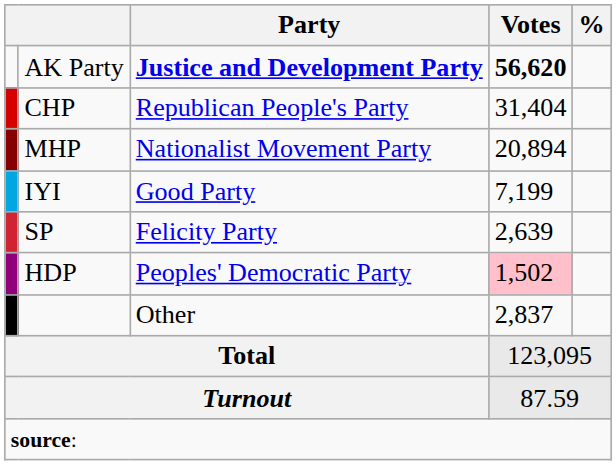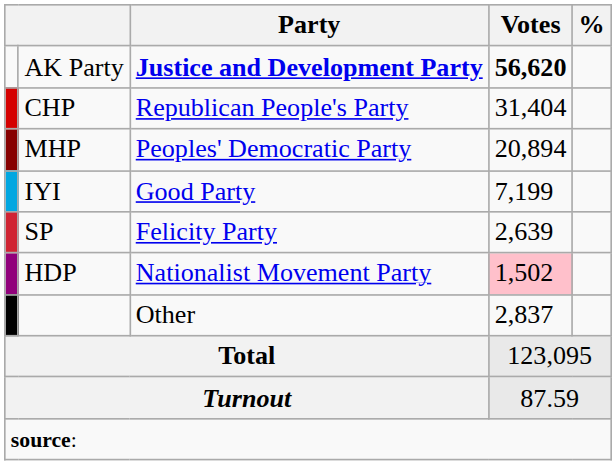 <table class="wikitable">
 <tr>
 <th colspan="2" align="center"></th>
 <th align="center">Party</th>
 <th align="center">Votes</th>
 <th align="center">%</th>
 </tr>
 <tr align="left">
 <td></td>
 <td>AK Party</td>
 <td><strong><a href='#'>Justice and Development Party</a></strong></td>
 <td><strong>56,620</strong></td>
 <td><strong></strong></td>
 </tr>
 <tr align="left">
 <td bgcolor="#d50000" width="1"></td>
 <td>CHP</td>
 <td><a href='#'>Republican People's Party</a></td>
 <td>31,404</td>
 <td></td>
 </tr>
 <tr align="left">
 <td bgcolor="#870000" width="1"></td>
 <td>MHP</td>
-<td><a href='#'>Nationalist Movement Party</a></td>
+<td><a href='#'>Peoples' Democratic Party</a></td>
 <td>20,894</td>
 <td></td>
 </tr>
 <tr align="left">
 <td bgcolor="#01A7E1" width="1"></td>
 <td>IYI</td>
 <td><a href='#'>Good Party</a></td>
 <td>7,199</td>
 <td></td>
 </tr>
 <tr align="left">
 <td bgcolor="#D02433" width="1"></td>
 <td>SP</td>
 <td><a href='#'>Felicity Party</a></td>
 <td>2,639</td>
 <td></td>
 </tr>
 <tr align="left">
 <td bgcolor="#91007B" width="1"></td>
 <td>HDP</td>
-<td><a href='#'>Peoples' Democratic Party</a></td>
+<td><a href='#'>Nationalist Movement Party</a></td>
 <td style="background: pink;">1,502</td>
 <td></td>
 </tr>
 <tr align="left">
 <td bgcolor=" " width="1"></td>
 <td></td>
 <td>Other</td>
 <td>2,837</td>
 <td></td>
 </tr>
 <tr align="left" style="background-color:#E9E9E9">
 <th colspan="3" align="center"><strong>Total</strong></th>
 <td colspan="5" align="center">123,095</td>
 </tr>
 <tr align="left" style="background-color:#E9E9E9">
 <th colspan="3" align="center"><em>Turnout</em></th>
 <td colspan="5" align="center">87.59</td>
 </tr>
 <tr>
 <td colspan="9" align="left"><small><strong>source</strong>: </small></td>
 </tr>
 </table>
